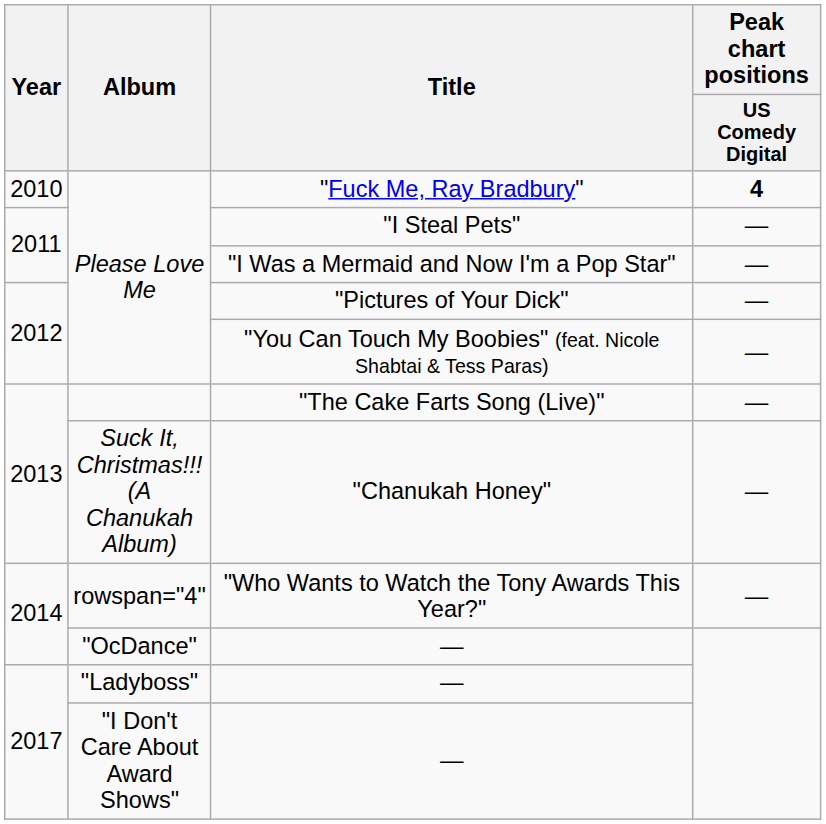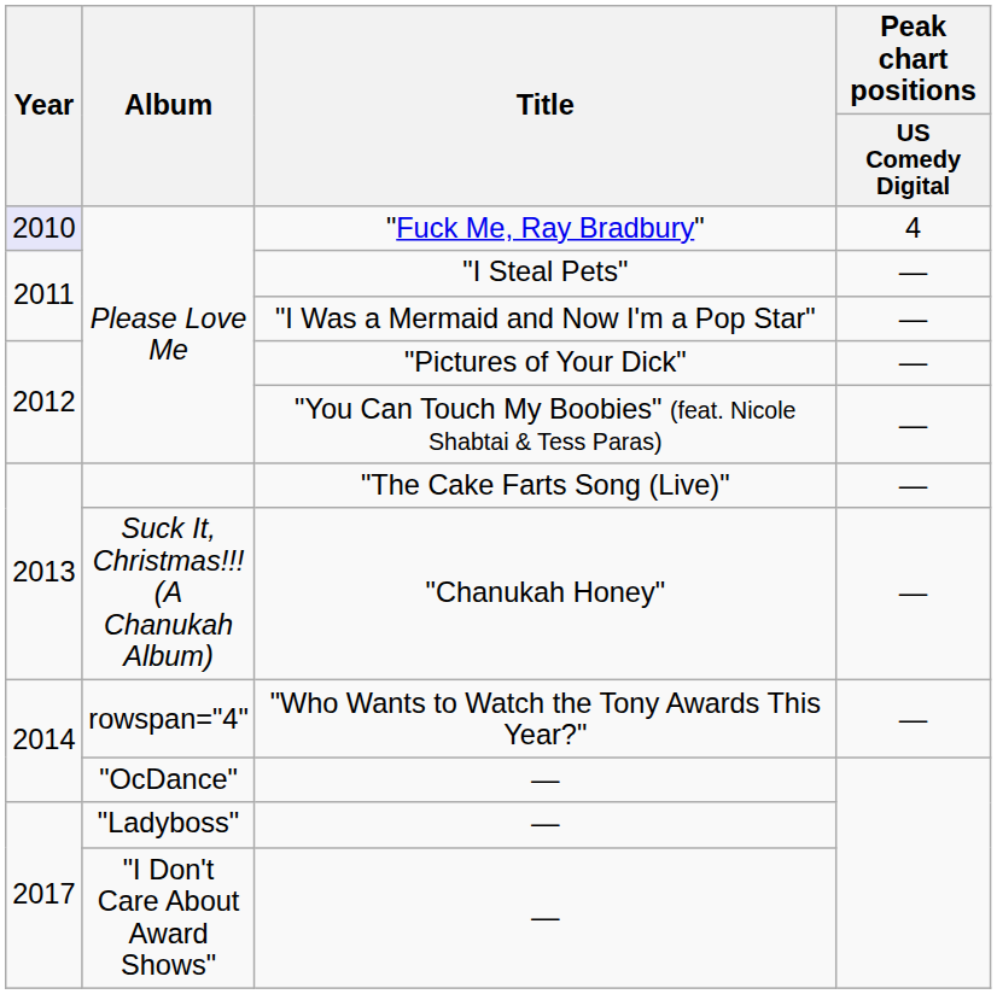 <table class="wikitable plainrowheaders" style="text-align:center;">
 <tr>
 <th rowspan="2" style="width:1em;">Year</th>
 <th rowspan="2" style="width:5em;">Album</th>
 <th rowspan="2" style="width:20em;">Title</th>
 <th colspan="1" style="width:5em;">Peak chart positions</th>
 </tr>
 <tr>
 <th scope="col" style="width:3em;font-size:85%;">US<br>Comedy<br>Digital<br></th>
 </tr>
 <tr>
-<td>2010</td>
+<td style="background: lavender;">2010</td>
 <td rowspan="5"><em>Please Love Me</em></td>
 <td>"<a href='#'>Fuck Me, Ray Bradbury</a>"</td>
-<td><strong>4</strong></td>
+<td>4</td>
 </tr>
 <tr>
 <td rowspan="2">2011</td>
 <td>"I Steal Pets"</td>
 <td>—</td>
 </tr>
 <tr>
 <td>"I Was a Mermaid and Now I'm a Pop Star"</td>
 <td>—</td>
 </tr>
 <tr>
 <td rowspan="2">2012</td>
 <td>"Pictures of Your Dick"</td>
 <td>—</td>
 </tr>
 <tr>
 <td>"You Can Touch My Boobies" <small>(feat. Nicole Shabtai & Tess Paras)</small></td>
 <td>—</td>
 </tr>
 <tr>
 <td rowspan="2">2013</td>
 <td></td>
 <td>"The Cake Farts Song (Live)"</td>
 <td>—</td>
 </tr>
 <tr>
 <td><em>Suck It, Christmas!!! (A Chanukah Album)</em></td>
 <td>"Chanukah Honey"</td>
 <td>—</td>
 </tr>
 <tr>
 <td rowspan="2">2014</td>
 <td>rowspan="4" </td>
 <td>"Who Wants to Watch the Tony Awards This Year?"</td>
 <td>—</td>
 </tr>
 <tr>
 <td>"OcDance"</td>
 <td>—</td>
 </tr>
 <tr>
 <td rowspan="2">2017</td>
 <td>"Ladyboss"</td>
 <td>—</td>
 </tr>
 <tr>
 <td>"I Don't Care About Award Shows"</td>
 <td>—</td>
 </tr>
 </table>
